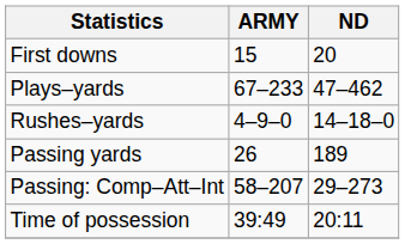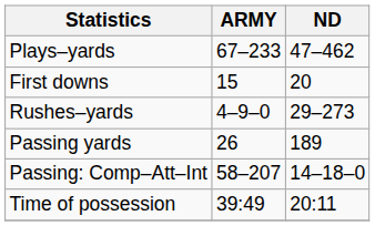 <table class="wikitable" style="float: left;">
 <tr>
 <th>Statistics</th>
 <th>ARMY</th>
 <th>ND</th>
 </tr>
 <tr>
+<td>Plays–yards</td>
+<td>67–233</td>
+<td>47–462</td>
+</tr>
+<tr>
 <td>First downs</td>
 <td>15</td>
 <td>20</td>
 </tr>
 <tr>
-<td>Plays–yards</td>
-<td>67–233</td>
-<td>47–462</td>
-</tr>
-<tr>
 <td>Rushes–yards</td>
 <td>4–9–0</td>
-<td>14–18–0</td>
+<td>29–273</td>
 </tr>
 <tr>
 <td>Passing yards</td>
 <td>26</td>
 <td>189</td>
 </tr>
 <tr>
 <td>Passing: Comp–Att–Int</td>
 <td>58–207</td>
-<td>29–273</td>
+<td>14–18–0</td>
 </tr>
 <tr>
 <td>Time of possession</td>
 <td>39:49</td>
 <td>20:11</td>
 </tr>
 <tr>
 </tr>
 </table>
